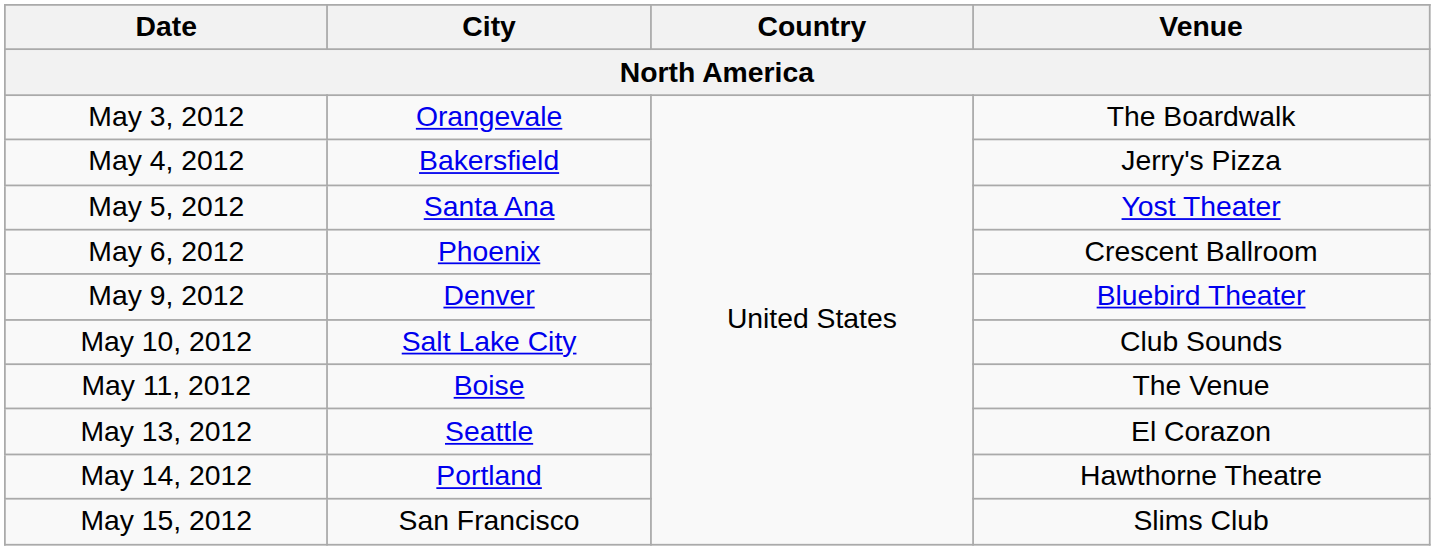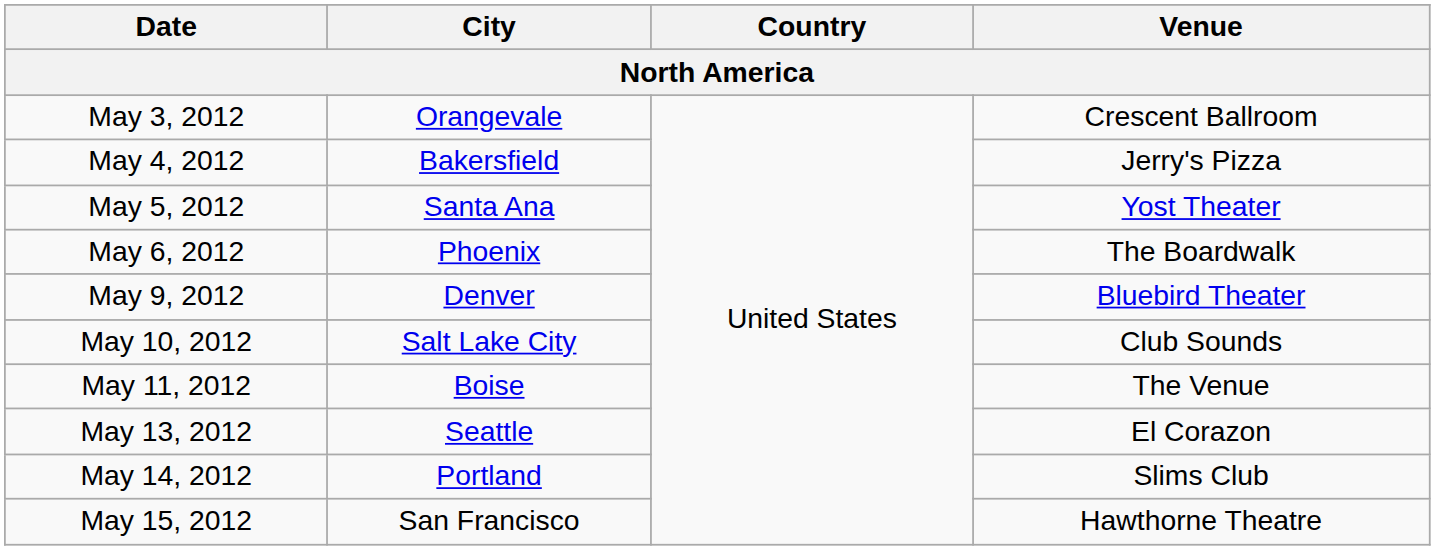 <table class="wikitable" style="text-align:center;">
 <tr>
 <th style="width:175px;">Date</th>
 <th style="width:175px;">City</th>
 <th style="width:175px;">Country</th>
 <th style="width:250px;">Venue</th>
 </tr>
 <tr>
 <th colspan="4">North America</th>
 </tr>
 <tr>
 <td>May 3, 2012</td>
 <td><a href='#'>Orangevale</a></td>
 <td rowspan="10">United States</td>
-<td>The Boardwalk</td>
+<td>Crescent Ballroom</td>
 </tr>
 <tr>
 <td>May 4, 2012</td>
 <td><a href='#'>Bakersfield</a></td>
 <td>Jerry's Pizza</td>
 </tr>
 <tr>
 <td>May 5, 2012</td>
 <td><a href='#'>Santa Ana</a></td>
 <td><a href='#'>Yost Theater</a></td>
 </tr>
 <tr>
 <td>May 6, 2012</td>
 <td><a href='#'>Phoenix</a></td>
-<td>Crescent Ballroom</td>
+<td>The Boardwalk</td>
 </tr>
 <tr>
 <td>May 9, 2012</td>
 <td><a href='#'>Denver</a></td>
 <td><a href='#'>Bluebird Theater</a></td>
 </tr>
 <tr>
 <td>May 10, 2012</td>
 <td><a href='#'>Salt Lake City</a></td>
 <td>Club Sounds</td>
 </tr>
 <tr>
 <td>May 11, 2012</td>
 <td><a href='#'>Boise</a></td>
 <td>The Venue</td>
 </tr>
 <tr>
 <td>May 13, 2012</td>
 <td><a href='#'>Seattle</a></td>
 <td>El Corazon</td>
 </tr>
 <tr>
 <td>May 14, 2012</td>
 <td><a href='#'>Portland</a></td>
-<td>Hawthorne Theatre</td>
+<td>Slims Club</td>
 </tr>
 <tr>
 <td>May 15, 2012</td>
 <td>San Francisco</td>
-<td>Slims Club</td>
+<td>Hawthorne Theatre</td>
 </tr>
 </table>
